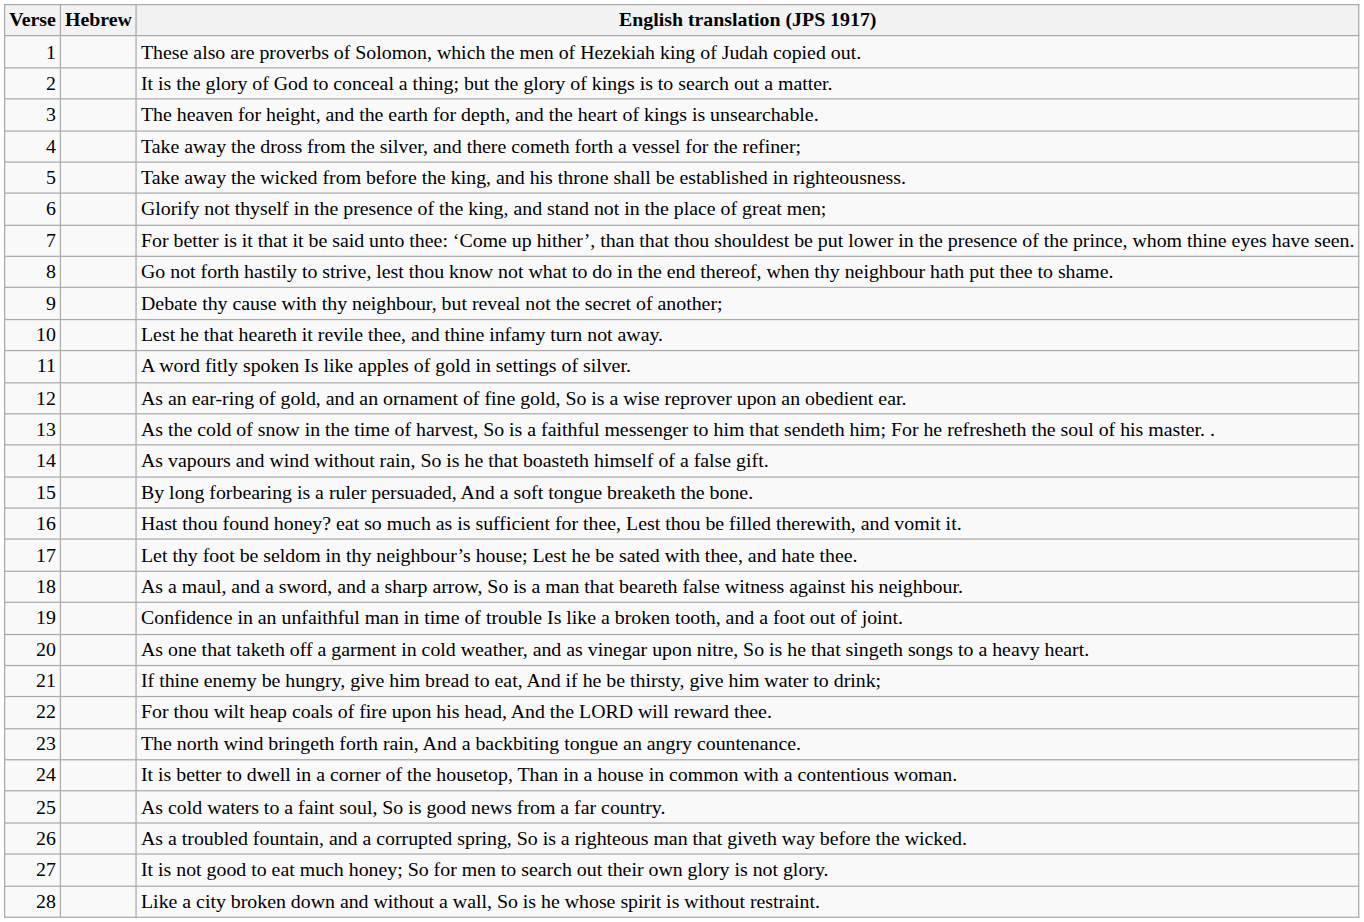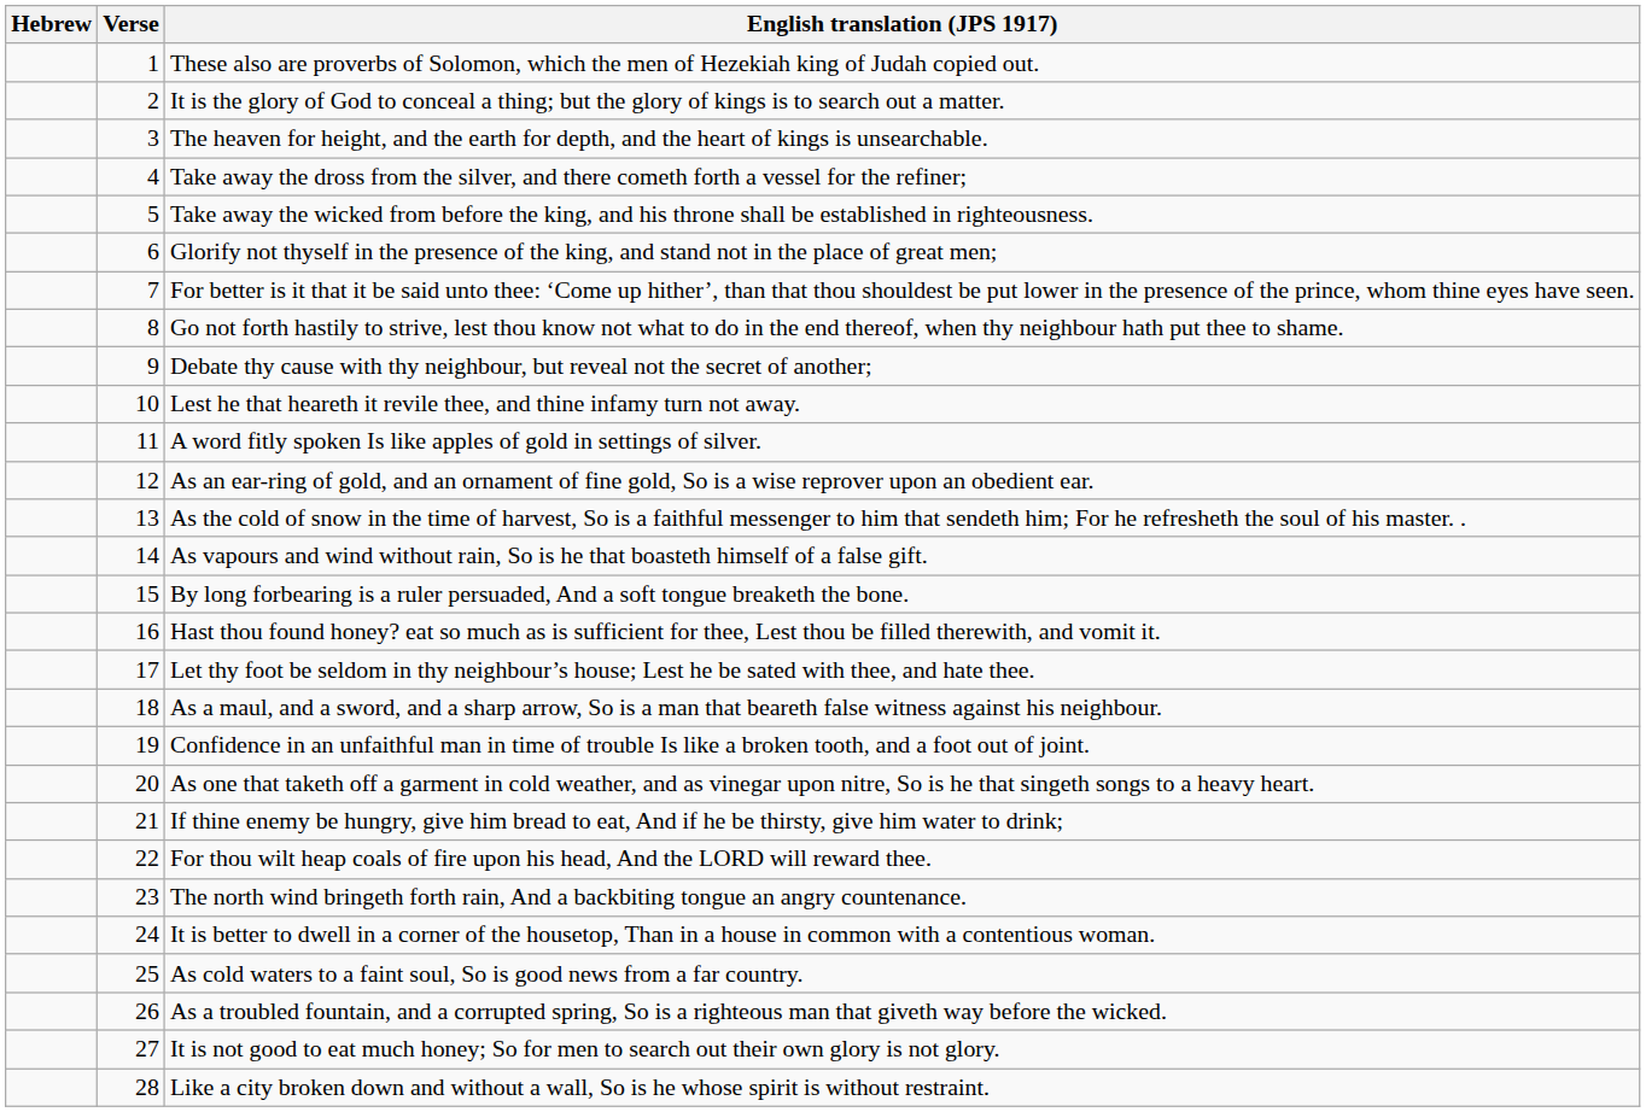 <table class="wikitable">
 <tr>
+<th>Hebrew</th>
 <th>Verse</th>
-<th>Hebrew</th>
 <th>English translation (JPS 1917)</th>
 </tr>
 <tr>
+<td style="text-align:right"></td>
 <td style="text-align:right">1</td>
-<td style="text-align:right"></td>
 <td>These also are proverbs of Solomon, which the men of Hezekiah king of Judah copied out.</td>
 </tr>
 <tr>
+<td style="text-align:right"></td>
 <td style="text-align:right">2</td>
-<td style="text-align:right"></td>
 <td>It is the glory of God to conceal a thing; but the glory of kings is to search out a matter.</td>
 </tr>
 <tr>
+<td style="text-align:right"></td>
 <td style="text-align:right">3</td>
-<td style="text-align:right"></td>
 <td>The heaven for height, and the earth for depth, and the heart of kings is unsearchable.</td>
 </tr>
 <tr>
+<td style="text-align:right"></td>
 <td style="text-align:right">4</td>
-<td style="text-align:right"></td>
 <td>Take away the dross from the silver, and there cometh forth a vessel for the refiner;</td>
 </tr>
 <tr>
+<td style="text-align:right"></td>
 <td style="text-align:right">5</td>
-<td style="text-align:right"></td>
 <td>Take away the wicked from before the king, and his throne shall be established in righteousness.</td>
 </tr>
 <tr>
+<td style="text-align:right"></td>
 <td style="text-align:right">6</td>
-<td style="text-align:right"></td>
 <td>Glorify not thyself in the presence of the king, and stand not in the place of great men;</td>
 </tr>
 <tr>
+<td style="text-align:right"></td>
 <td style="text-align:right">7</td>
-<td style="text-align:right"></td>
 <td>For better is it that it be said unto thee: ‘Come up hither’, than that thou shouldest be put lower in the presence of the prince, whom thine eyes have seen.</td>
 </tr>
 <tr>
+<td style="text-align:right"></td>
 <td style="text-align:right">8</td>
-<td style="text-align:right"></td>
 <td>Go not forth hastily to strive, lest thou know not what to do in the end thereof, when thy neighbour hath put thee to shame.</td>
 </tr>
 <tr>
+<td style="text-align:right"></td>
 <td style="text-align:right">9</td>
-<td style="text-align:right"></td>
 <td>Debate thy cause with thy neighbour, but reveal not the secret of another;</td>
 </tr>
 <tr>
+<td style="text-align:right"></td>
 <td style="text-align:right">10</td>
-<td style="text-align:right"></td>
 <td>Lest he that heareth it revile thee, and thine infamy turn not away.</td>
 </tr>
 <tr>
+<td style="text-align:right"></td>
 <td style="text-align:right">11</td>
-<td style="text-align:right"></td>
 <td>A word fitly spoken Is like apples of gold in settings of silver.</td>
 </tr>
 <tr>
+<td style="text-align:right"></td>
 <td style="text-align:right">12</td>
-<td style="text-align:right"></td>
 <td>As an ear-ring of gold, and an ornament of fine gold, So is a wise reprover upon an obedient ear.</td>
 </tr>
 <tr>
+<td style="text-align:right"></td>
 <td style="text-align:right">13</td>
-<td style="text-align:right"></td>
 <td>As the cold of snow in the time of harvest, So is a faithful messenger to him that sendeth him; For he refresheth the soul of his master. .</td>
 </tr>
 <tr>
+<td style="text-align:right"></td>
 <td style="text-align:right">14</td>
-<td style="text-align:right"></td>
 <td>As vapours and wind without rain, So is he that boasteth himself of a false gift.</td>
 </tr>
 <tr>
+<td style="text-align:right"></td>
 <td style="text-align:right">15</td>
-<td style="text-align:right"></td>
 <td>By long forbearing is a ruler persuaded, And a soft tongue breaketh the bone.</td>
 </tr>
 <tr>
+<td style="text-align:right"></td>
 <td style="text-align:right">16</td>
-<td style="text-align:right"></td>
 <td>Hast thou found honey? eat so much as is sufficient for thee, Lest thou be filled therewith, and vomit it.</td>
 </tr>
 <tr>
+<td style="text-align:right"></td>
 <td style="text-align:right">17</td>
-<td style="text-align:right"></td>
 <td>Let thy foot be seldom in thy neighbour’s house; Lest he be sated with thee, and hate thee.</td>
 </tr>
 <tr>
+<td style="text-align:right"></td>
 <td style="text-align:right">18</td>
-<td style="text-align:right"></td>
 <td>As a maul, and a sword, and a sharp arrow, So is a man that beareth false witness against his neighbour.</td>
 </tr>
 <tr>
+<td style="text-align:right"></td>
 <td style="text-align:right">19</td>
-<td style="text-align:right"></td>
 <td>Confidence in an unfaithful man in time of trouble Is like a broken tooth, and a foot out of joint.</td>
 </tr>
 <tr>
+<td style="text-align:right"></td>
 <td style="text-align:right">20</td>
-<td style="text-align:right"></td>
 <td>As one that taketh off a garment in cold weather, and as vinegar upon nitre, So is he that singeth songs to a heavy heart.</td>
 </tr>
 <tr>
+<td style="text-align:right"></td>
 <td style="text-align:right">21</td>
-<td style="text-align:right"></td>
 <td>If thine enemy be hungry, give him bread to eat, And if he be thirsty, give him water to drink;</td>
 </tr>
 <tr>
+<td style="text-align:right"></td>
 <td style="text-align:right">22</td>
-<td style="text-align:right"></td>
 <td>For thou wilt heap coals of fire upon his head, And the LORD will reward thee.</td>
 </tr>
 <tr>
+<td style="text-align:right"></td>
 <td style="text-align:right">23</td>
-<td style="text-align:right"></td>
 <td>The north wind bringeth forth rain, And a backbiting tongue an angry countenance.</td>
 </tr>
 <tr>
+<td style="text-align:right"></td>
 <td style="text-align:right">24</td>
-<td style="text-align:right"></td>
 <td>It is better to dwell in a corner of the housetop, Than in a house in common with a contentious woman.</td>
 </tr>
 <tr>
+<td style="text-align:right"></td>
 <td style="text-align:right">25</td>
-<td style="text-align:right"></td>
 <td>As cold waters to a faint soul, So is good news from a far country.</td>
 </tr>
 <tr>
+<td style="text-align:right"></td>
 <td style="text-align:right">26</td>
-<td style="text-align:right"></td>
 <td>As a troubled fountain, and a corrupted spring, So is a righteous man that giveth way before the wicked.</td>
 </tr>
 <tr>
+<td style="text-align:right"></td>
 <td style="text-align:right">27</td>
-<td style="text-align:right"></td>
 <td>It is not good to eat much honey; So for men to search out their own glory is not glory.</td>
 </tr>
 <tr>
+<td style="text-align:right"></td>
 <td style="text-align:right">28</td>
-<td style="text-align:right"></td>
 <td>Like a city broken down and without a wall, So is he whose spirit is without restraint.</td>
 </tr>
 </table>
